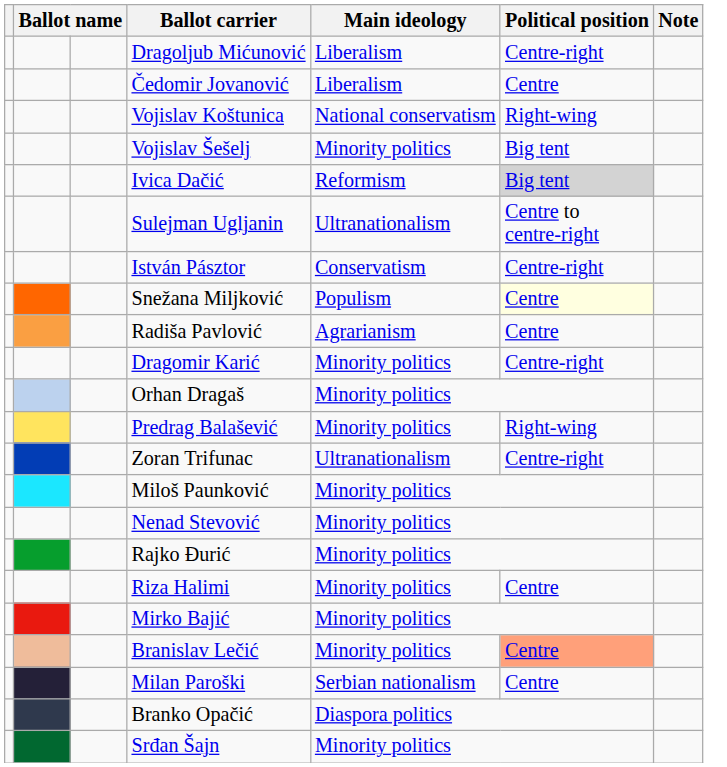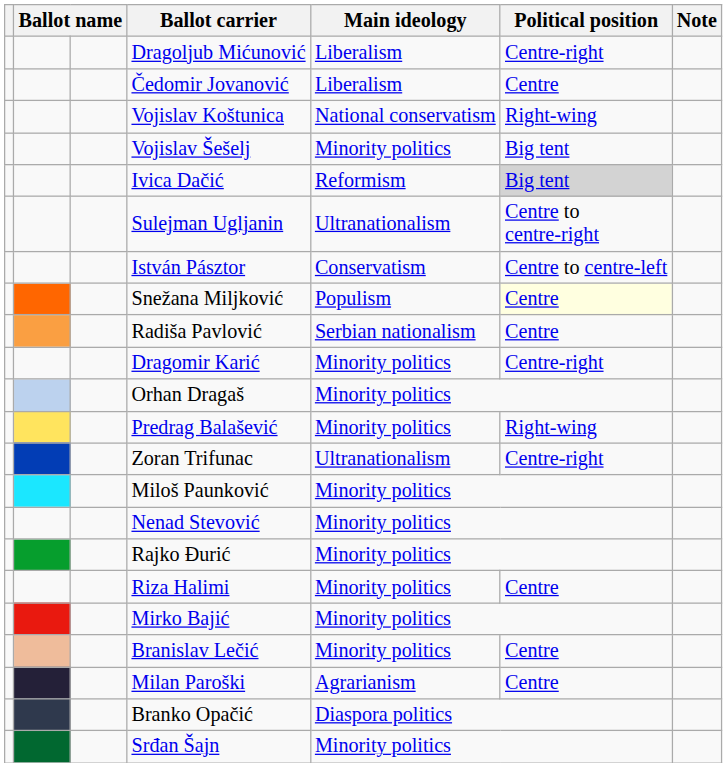 <table class="wikitable">
 <tr>
 <th></th>
 <th colspan="2">Ballot name</th>
 <th>Ballot carrier</th>
 <th>Main ideology</th>
 <th>Political position</th>
 <th>Note </th>
 </tr>
 <tr>
 <td></td>
 <td style="background:"></td>
 <td></td>
 <td><a href='#'>Dragoljub Mićunović</a></td>
 <td><a href='#'>Liberalism</a></td>
 <td><a href='#'>Centre-right</a></td>
 <td></td>
 </tr>
 <tr>
 <td></td>
 <td style="background:"></td>
 <td></td>
 <td><a href='#'>Čedomir Jovanović</a></td>
 <td><a href='#'>Liberalism</a></td>
 <td><a href='#'>Centre</a></td>
 <td></td>
 </tr>
 <tr>
 <td></td>
 <td style="background:"></td>
 <td></td>
 <td><a href='#'>Vojislav Koštunica</a></td>
 <td><a href='#'>National conservatism</a></td>
 <td><a href='#'>Right-wing</a></td>
 <td></td>
 </tr>
 <tr>
 <td></td>
 <td style="background:"></td>
 <td></td>
 <td><a href='#'>Vojislav Šešelj</a></td>
 <td><a href='#'>Minority politics</a></td>
 <td><a href='#'>Big tent</a></td>
 <td></td>
 </tr>
 <tr>
 <td></td>
 <td style="background:"></td>
 <td></td>
 <td><a href='#'>Ivica Dačić</a></td>
 <td><a href='#'>Reformism</a></td>
 <td style="background: lightgrey;"><a href='#'>Big tent</a></td>
 <td></td>
 </tr>
 <tr>
 <td></td>
 <td style="background:"></td>
 <td></td>
 <td><a href='#'>Sulejman Ugljanin</a></td>
 <td><a href='#'>Ultranationalism</a></td>
 <td><a href='#'>Centre</a> to<br><a href='#'>centre-right</a></td>
 <td></td>
 </tr>
 <tr>
 <td></td>
 <td style="background:"></td>
 <td></td>
 <td><a href='#'>István Pásztor</a></td>
 <td><a href='#'>Conservatism</a></td>
-<td><a href='#'>Centre-right</a></td>
+<td><a href='#'>Centre</a> to <a href='#'>centre-left</a></td>
 <td></td>
 </tr>
 <tr>
 <td></td>
 <td style="background:#FF6600"></td>
 <td></td>
 <td>Snežana Miljković</td>
 <td><a href='#'>Populism</a></td>
 <td style="background: lightyellow;"><a href='#'>Centre</a></td>
 <td></td>
 </tr>
 <tr>
 <td></td>
 <td style="background:#FA9F42"></td>
 <td></td>
 <td>Radiša Pavlović</td>
-<td><a href='#'>Agrarianism</a></td>
+<td><a href='#'>Serbian nationalism</a></td>
 <td><a href='#'>Centre</a></td>
 <td></td>
 </tr>
 <tr>
 <td></td>
 <td style="background:"></td>
 <td></td>
 <td><a href='#'>Dragomir Karić</a></td>
 <td><a href='#'>Minority politics</a></td>
 <td><a href='#'>Centre-right</a></td>
 <td></td>
 </tr>
 <tr>
 <td></td>
 <td style="background:#BCD2EE"></td>
 <td></td>
 <td>Orhan Dragaš</td>
 <td colspan="2"><a href='#'>Minority politics</a></td>
 <td></td>
 </tr>
 <tr>
 <td></td>
 <td style="background:#FFE45E"></td>
 <td></td>
 <td><a href='#'>Predrag Balašević</a></td>
 <td><a href='#'>Minority politics</a></td>
 <td><a href='#'>Right-wing</a></td>
 <td></td>
 </tr>
 <tr>
 <td></td>
 <td style="background:#023DB5"></td>
 <td></td>
 <td>Zoran Trifunac</td>
 <td><a href='#'>Ultranationalism</a></td>
 <td><a href='#'>Centre-right</a></td>
 <td></td>
 </tr>
 <tr>
 <td></td>
 <td style="background:#1BE7FF"></td>
 <td></td>
 <td>Miloš Paunković</td>
 <td colspan="2"><a href='#'>Minority politics</a></td>
 <td></td>
 </tr>
 <tr>
 <td></td>
 <td style="background:"></td>
 <td></td>
 <td><a href='#'>Nenad Stevović</a></td>
 <td colspan="2"><a href='#'>Minority politics</a></td>
 <td></td>
 </tr>
 <tr>
 <td></td>
 <td style="background:#069E2D"></td>
 <td></td>
 <td>Rajko Đurić</td>
 <td colspan="2"><a href='#'>Minority politics</a></td>
 <td></td>
 </tr>
 <tr>
 <td></td>
 <td style="background:"></td>
 <td></td>
 <td><a href='#'>Riza Halimi</a></td>
 <td><a href='#'>Minority politics</a></td>
 <td><a href='#'>Centre</a></td>
 <td></td>
 </tr>
 <tr>
 <td></td>
 <td style="background:#E9190F"></td>
 <td></td>
 <td><a href='#'>Mirko Bajić</a></td>
 <td colspan="2"><a href='#'>Minority politics</a></td>
 <td></td>
 </tr>
 <tr>
 <td></td>
 <td style="background:#EFBC9B"></td>
 <td></td>
 <td><a href='#'>Branislav Lečić</a></td>
 <td><a href='#'>Minority politics</a></td>
-<td style="background: lightsalmon;"><a href='#'>Centre</a></td>
+<td><a href='#'>Centre</a></td>
 <td></td>
 </tr>
 <tr>
 <td></td>
 <td style="background:#242038"></td>
 <td></td>
 <td><a href='#'>Milan Paroški</a></td>
-<td><a href='#'>Serbian nationalism</a></td>
+<td><a href='#'>Agrarianism</a></td>
 <td><a href='#'>Centre</a></td>
 <td></td>
 </tr>
 <tr>
 <td></td>
 <td style="background:#2F394D"></td>
 <td></td>
 <td>Branko Opačić</td>
 <td colspan="2"><a href='#'>Diaspora politics</a></td>
 <td></td>
 </tr>
 <tr>
 <td></td>
 <td style="background:#016830"></td>
 <td></td>
 <td><a href='#'>Srđan Šajn</a></td>
 <td colspan="2"><a href='#'>Minority politics</a></td>
 <td></td>
 </tr>
 </table>
